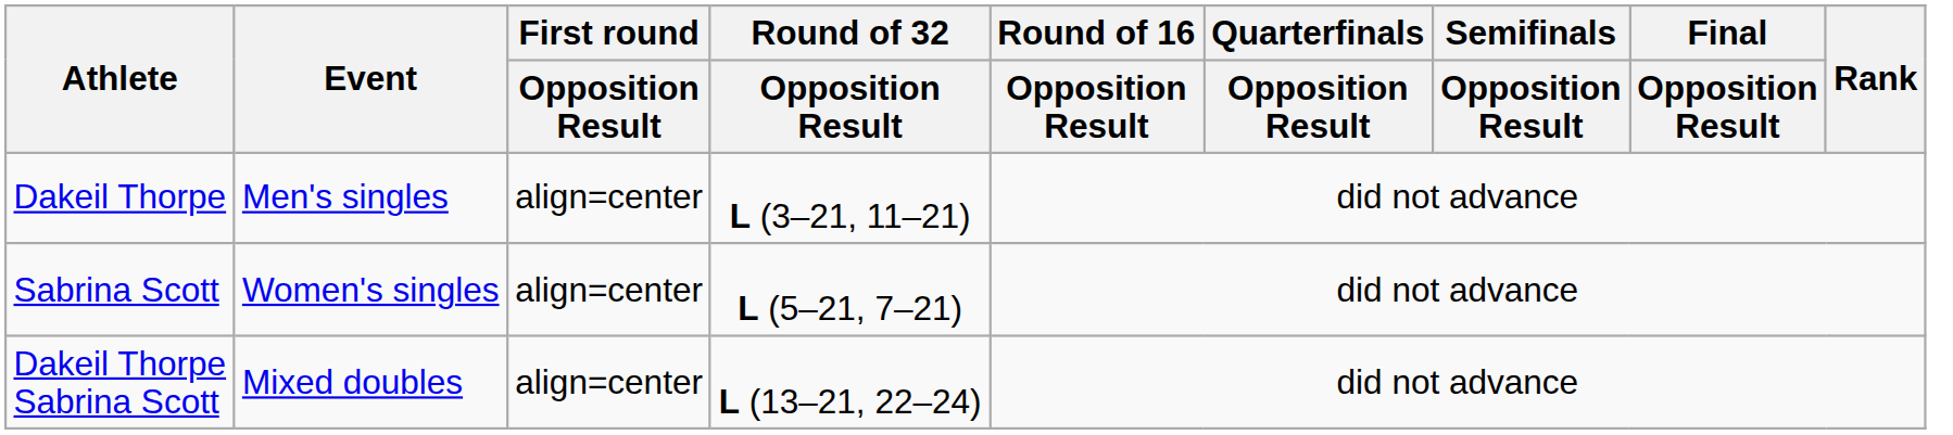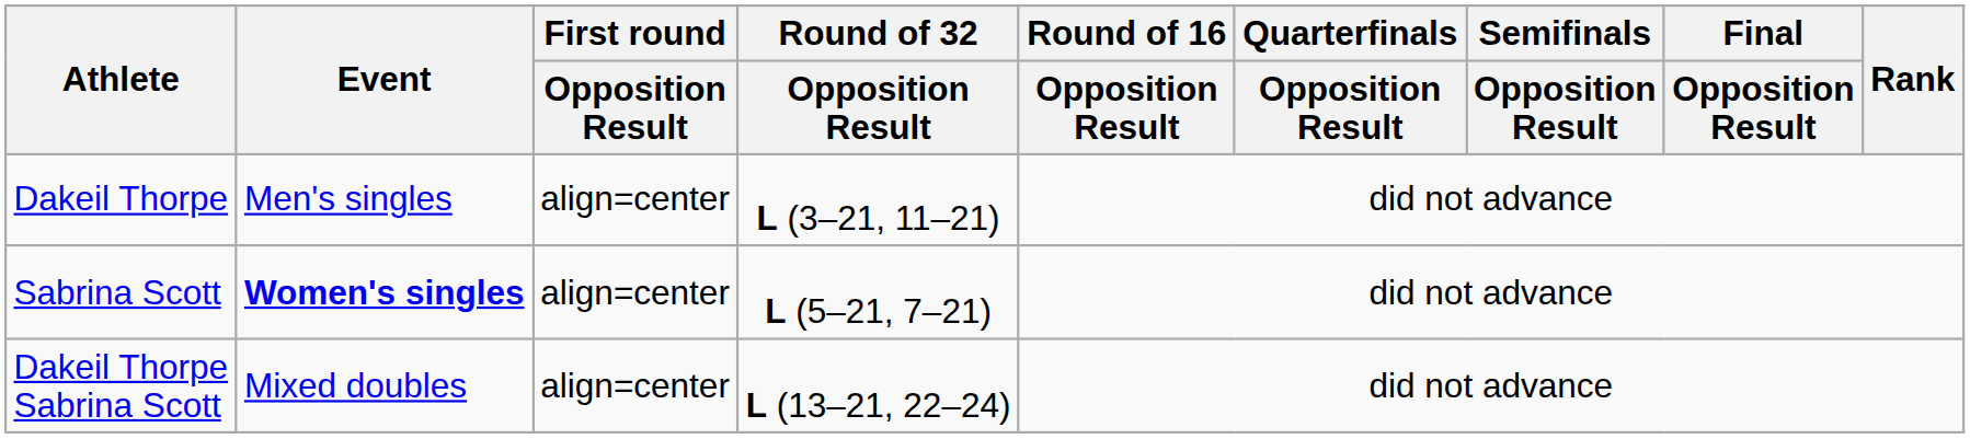 <table class="wikitable" style="font-size:90%">
 <tr>
 <th rowspan="2">Athlete</th>
 <th rowspan="2">Event</th>
 <th>First round</th>
 <th>Round of 32</th>
 <th>Round of 16</th>
 <th>Quarterfinals</th>
 <th>Semifinals</th>
 <th>Final</th>
 <th rowspan="2">Rank</th>
 </tr>
 <tr>
 <th>Opposition<br>Result</th>
 <th>Opposition<br>Result</th>
 <th>Opposition<br>Result</th>
 <th>Opposition<br>Result</th>
 <th>Opposition<br>Result</th>
 <th>Opposition<br>Result</th>
 </tr>
 <tr>
 <td><a href='#'>Dakeil Thorpe</a></td>
 <td><a href='#'>Men's singles</a></td>
 <td>align=center </td>
 <td align=center><br><strong>L</strong> (3–21, 11–21)</td>
 <td align=center colspan="5">did not advance</td>
 </tr>
 <tr>
 <td><a href='#'>Sabrina Scott</a></td>
-<td><a href='#'>Women's singles</a></td>
+<td><strong><a href='#'>Women's singles</a></strong></td>
 <td>align=center </td>
 <td align=center><br><strong>L</strong> (5–21, 7–21)</td>
 <td align=center colspan="5">did not advance</td>
 </tr>
 <tr>
 <td><a href='#'>Dakeil Thorpe</a><br><a href='#'>Sabrina Scott</a></td>
 <td><a href='#'>Mixed doubles</a></td>
 <td>align=center </td>
 <td align=center><br><strong>L</strong> (13–21, 22–24)</td>
 <td align=center colspan="5">did not advance</td>
 </tr>
 </table>
